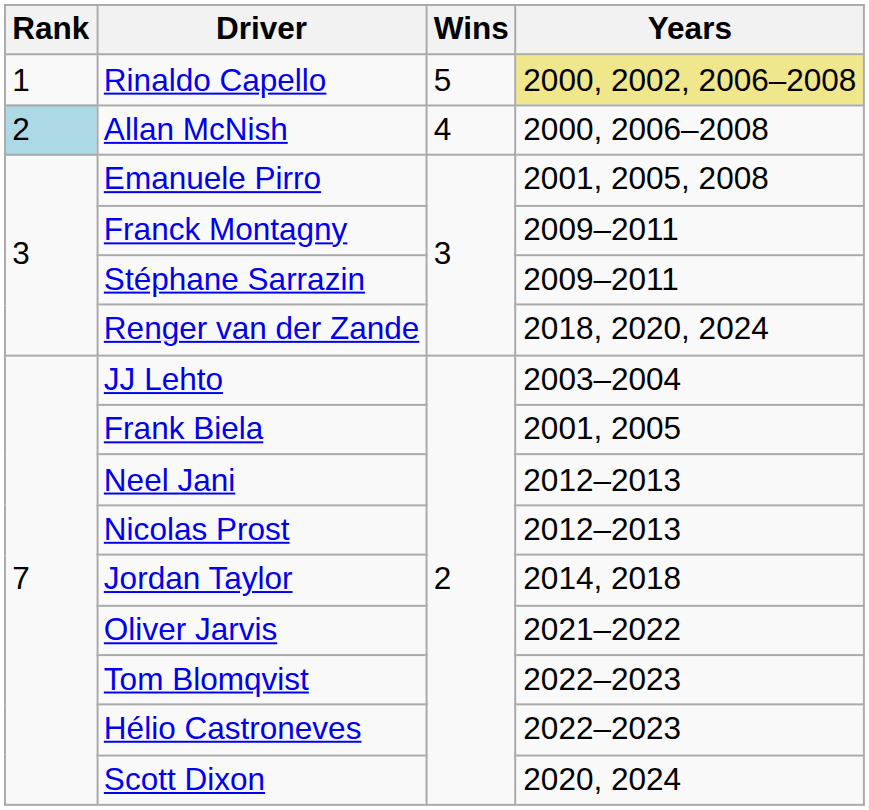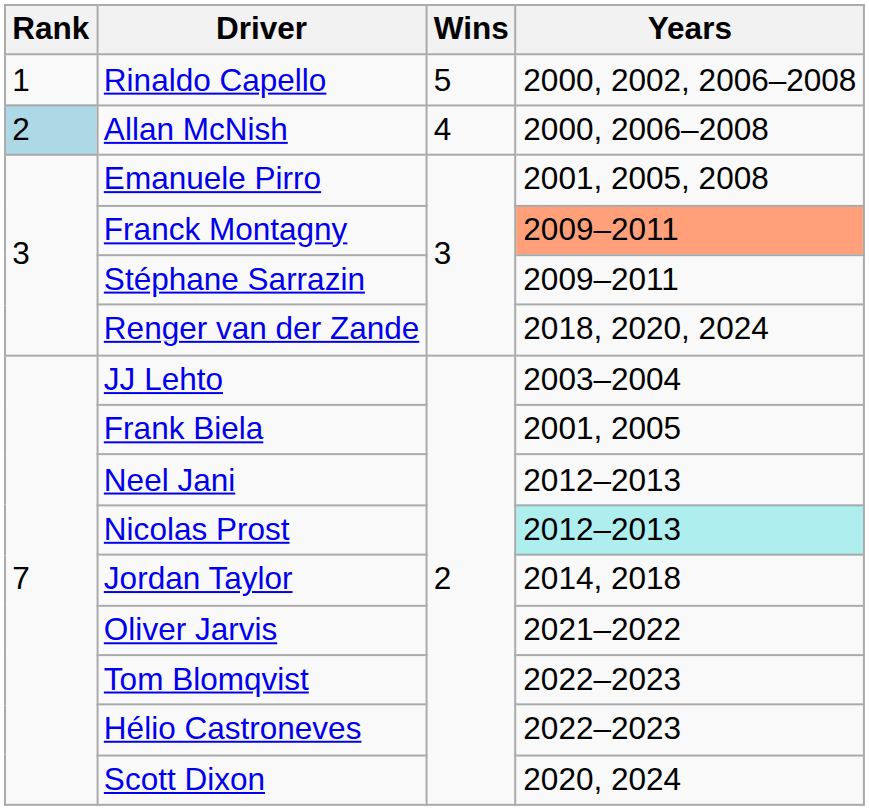 <table class="wikitable">
 <tr>
 <th>Rank</th>
 <th>Driver</th>
 <th>Wins</th>
 <th>Years</th>
 </tr>
 <tr>
 <td>1</td>
 <td> <a href='#'>Rinaldo Capello</a></td>
 <td>5</td>
-<td style="background: khaki;">2000, 2002, 2006–2008</td>
+<td>2000, 2002, 2006–2008</td>
 </tr>
 <tr>
 <td style="background: lightblue;">2</td>
 <td> <a href='#'>Allan McNish</a></td>
 <td>4</td>
 <td>2000, 2006–2008</td>
 </tr>
 <tr>
 <td rowspan="4">3</td>
 <td> <a href='#'>Emanuele Pirro</a></td>
 <td rowspan="4">3</td>
 <td>2001, 2005, 2008</td>
 </tr>
 <tr>
 <td> <a href='#'>Franck Montagny</a></td>
-<td>2009–2011</td>
+<td style="background: lightsalmon;">2009–2011</td>
 </tr>
 <tr>
 <td> <a href='#'>Stéphane Sarrazin</a></td>
 <td>2009–2011</td>
 </tr>
 <tr>
 <td> <a href='#'>Renger van der Zande</a></td>
 <td>2018, 2020, 2024</td>
 </tr>
 <tr>
 <td rowspan="9">7</td>
 <td> <a href='#'>JJ Lehto</a></td>
 <td rowspan="9">2</td>
 <td>2003–2004</td>
 </tr>
 <tr>
 <td> <a href='#'>Frank Biela</a></td>
 <td>2001, 2005</td>
 </tr>
 <tr>
 <td> <a href='#'>Neel Jani</a></td>
 <td>2012–2013</td>
 </tr>
 <tr>
 <td> <a href='#'>Nicolas Prost</a></td>
-<td>2012–2013</td>
+<td style="background: paleturquoise;">2012–2013</td>
 </tr>
 <tr>
 <td> <a href='#'>Jordan Taylor</a></td>
 <td>2014, 2018</td>
 </tr>
 <tr>
 <td> <a href='#'>Oliver Jarvis</a></td>
 <td>2021–2022</td>
 </tr>
 <tr>
 <td> <a href='#'>Tom Blomqvist</a></td>
 <td>2022–2023</td>
 </tr>
 <tr>
 <td> <a href='#'>Hélio Castroneves</a></td>
 <td>2022–2023</td>
 </tr>
 <tr>
 <td> <a href='#'>Scott Dixon</a></td>
 <td>2020, 2024</td>
 </tr>
 </table>
